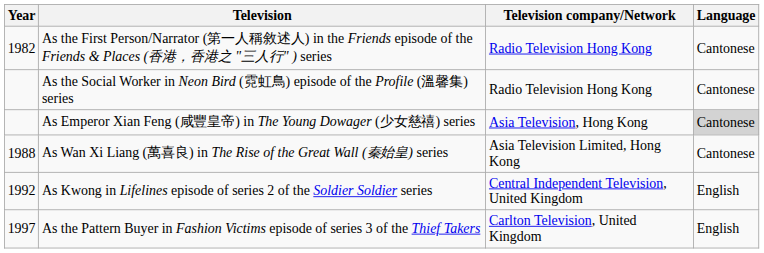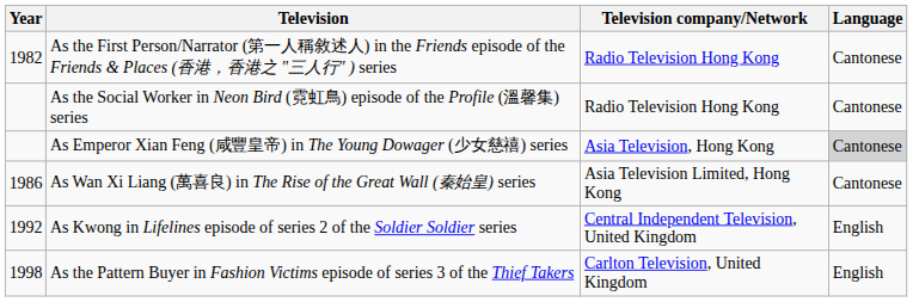 <table class="wikitable">
 <tr>
 <th>Year</th>
 <th>Television</th>
 <th>Television company/Network</th>
 <th>Language</th>
 </tr>
 <tr>
 <td>1982</td>
 <td>As the First Person/Narrator (第一人稱敘述人) in the <em>Friends</em> episode of the <em>Friends & Places (香港，香港之 "三人行" )</em> series</td>
 <td><a href='#'>Radio Television Hong Kong</a></td>
 <td>Cantonese</td>
 </tr>
 <tr>
 <td></td>
 <td>As the Social Worker in <em>Neon Bird</em> (霓虹鳥) episode of the <em>Profile</em> (溫馨集) series</td>
 <td>Radio Television Hong Kong</td>
 <td>Cantonese</td>
 </tr>
 <tr>
 <td></td>
 <td>As Emperor Xian Feng (咸豐皇帝) in <em>The Young Dowager</em> (少女慈禧) series</td>
 <td><a href='#'>Asia Television</a>, Hong Kong</td>
 <td style="background: lightgrey;">Cantonese</td>
 </tr>
 <tr>
-<td>1988</td>
+<td>1986</td>
 <td>As Wan Xi Liang (萬喜良) in <em>The Rise of the Great Wall (秦始皇)</em> series</td>
 <td>Asia Television Limited, Hong Kong</td>
 <td>Cantonese</td>
 </tr>
 <tr>
 <td>1992</td>
 <td>As Kwong in <em>Lifelines</em> episode of series 2 of the <em><a href='#'>Soldier Soldier</a></em> series</td>
 <td><a href='#'>Central Independent Television</a>, United Kingdom</td>
 <td>English</td>
 </tr>
 <tr>
-<td>1997</td>
+<td>1998</td>
 <td>As the Pattern Buyer in <em>Fashion Victims</em> episode of series 3 of the <em><a href='#'>Thief Takers</a></em></td>
 <td><a href='#'>Carlton Television</a>, United Kingdom</td>
 <td>English</td>
 </tr>
 </table>
